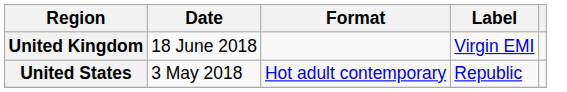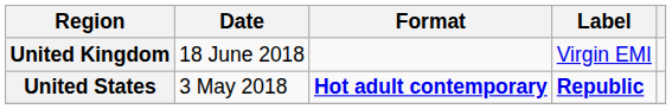 <table class="wikitable plainrowheaders">
 <tr>
 <th scope="col">Region</th>
 <th scope="col">Date</th>
 <th scope="col">Format</th>
 <th scope="col">Label</th>
 <th scope="col"></th>
 </tr>
 <tr>
 <th scope="row">United Kingdom</th>
 <td>18 June 2018</td>
 <td></td>
 <td><a href='#'>Virgin EMI</a></td>
 <td align="center"></td>
 </tr>
 <tr>
 <th scope="row">United States</th>
 <td>3 May 2018</td>
-<td><a href='#'>Hot adult contemporary</a></td>
-<td><a href='#'>Republic</a></td>
+<td><strong><a href='#'>Hot adult contemporary</a></strong></td>
+<td><strong><a href='#'>Republic</a></strong></td>
 <td align="center"></td>
 </tr>
 <tr>
 </tr>
 </table>
